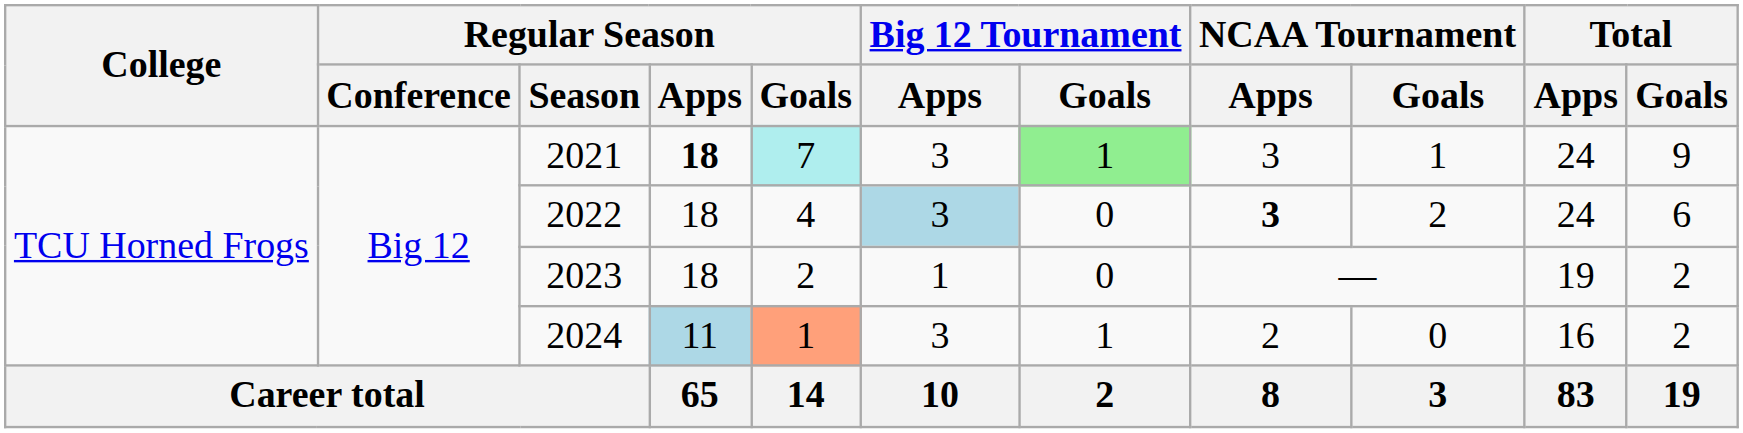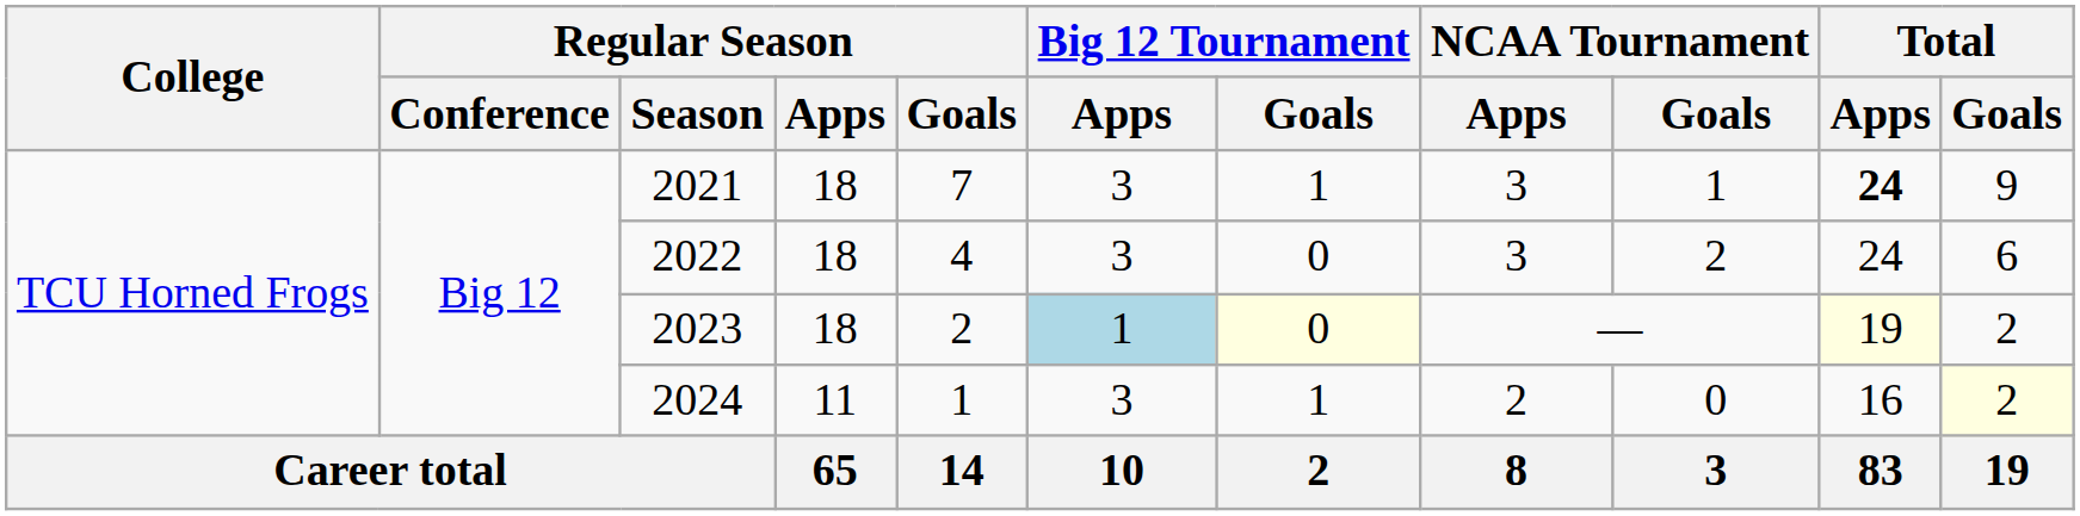 <table class="wikitable" style="text-align: center;">
 <tr>
 <th rowspan="2">College</th>
 <th colspan="4">Regular Season</th>
 <th colspan="2"><a href='#'>Big 12 Tournament</a></th>
 <th colspan="2">NCAA Tournament</th>
 <th colspan="2">Total</th>
 </tr>
 <tr>
 <th>Conference</th>
 <th>Season</th>
 <th>Apps</th>
 <th>Goals</th>
 <th>Apps</th>
 <th>Goals</th>
 <th>Apps</th>
 <th>Goals</th>
 <th>Apps</th>
 <th>Goals</th>
 </tr>
 <tr>
 <td rowspan="4"><a href='#'>TCU Horned Frogs</a></td>
 <td rowspan="4"><a href='#'>Big 12</a></td>
 <td>2021</td>
-<td><strong>18</strong></td>
-<td style="background: paleturquoise;">7</td>
-<td>3</td>
-<td style="background: lightgreen;">1</td>
+<td>18</td>
+<td>7</td>
 <td>3</td>
 <td>1</td>
-<td>24</td>
+<td>3</td>
+<td>1</td>
+<td><strong>24</strong></td>
 <td>9</td>
 </tr>
 <tr>
 <td>2022</td>
 <td>18</td>
 <td>4</td>
-<td style="background: lightblue;">3</td>
+<td>3</td>
 <td>0</td>
-<td><strong>3</strong></td>
+<td>3</td>
 <td>2</td>
 <td>24</td>
 <td>6</td>
 </tr>
 <tr>
 <td>2023</td>
 <td>18</td>
 <td>2</td>
-<td>1</td>
-<td>0</td>
+<td style="background: lightblue;">1</td>
+<td style="background: lightyellow;">0</td>
 <td colspan="2">—</td>
-<td>19</td>
+<td style="background: lightyellow;">19</td>
 <td>2</td>
 </tr>
 <tr>
 <td>2024</td>
-<td style="background: lightblue;">11</td>
-<td style="background: lightsalmon;">1</td>
+<td>11</td>
+<td>1</td>
 <td>3</td>
 <td>1</td>
 <td>2</td>
 <td>0</td>
 <td>16</td>
-<td>2</td>
+<td style="background: lightyellow;">2</td>
 </tr>
 <tr>
 <th colspan="3">Career total</th>
 <th>65</th>
 <th>14</th>
 <th>10</th>
 <th>2</th>
 <th>8</th>
 <th>3</th>
 <th>83</th>
 <th>19</th>
 </tr>
 </table>
